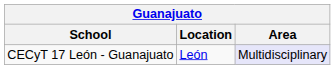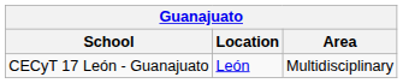 <table class="wikitable">
 <tr>
 <th colspan="3"><a href='#'>Guanajuato</a></th>
 </tr>
 <tr>
 <th>School</th>
 <th>Location</th>
 <th>Area</th>
 </tr>
 <tr>
 <td>CECyT 17 León - Guanajuato</td>
 <td><a href='#'>León</a></td>
-<td style="background: lavender;">Multidisciplinary</td>
+<td>Multidisciplinary</td>
 </tr>
 </table>
